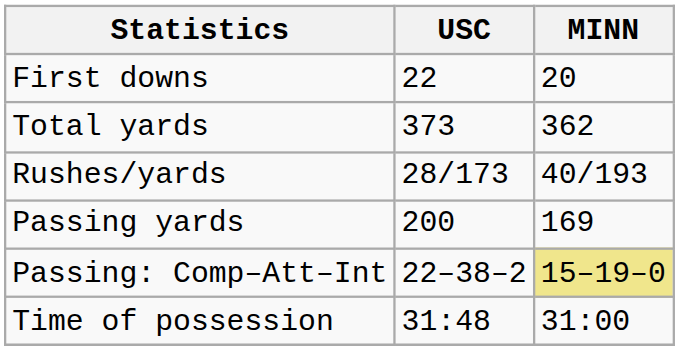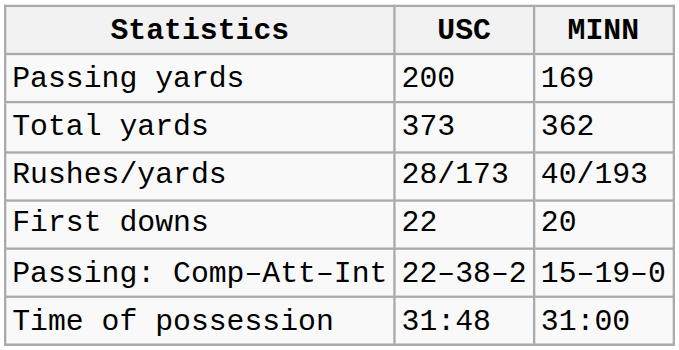 <table class="wikitable" style="float: left;">
 <tr>
 <th>Statistics</th>
 <th>USC</th>
 <th>MINN</th>
 </tr>
 <tr>
-<td>First downs</td>
-<td>22</td>
-<td>20</td>
+<td>Passing yards</td>
+<td>200</td>
+<td>169</td>
 </tr>
 <tr>
 <td>Total yards</td>
 <td>373</td>
 <td>362</td>
 </tr>
 <tr>
 <td>Rushes/yards</td>
 <td>28/173</td>
 <td>40/193</td>
 </tr>
 <tr>
-<td>Passing yards</td>
-<td>200</td>
-<td>169</td>
+<td>First downs</td>
+<td>22</td>
+<td>20</td>
 </tr>
 <tr>
 <td>Passing: Comp–Att–Int</td>
 <td>22–38–2</td>
-<td style="background: khaki;">15–19–0</td>
+<td>15–19–0</td>
 </tr>
 <tr>
 <td>Time of possession</td>
 <td>31:48</td>
 <td>31:00</td>
 </tr>
 <tr>
 </tr>
 </table>
